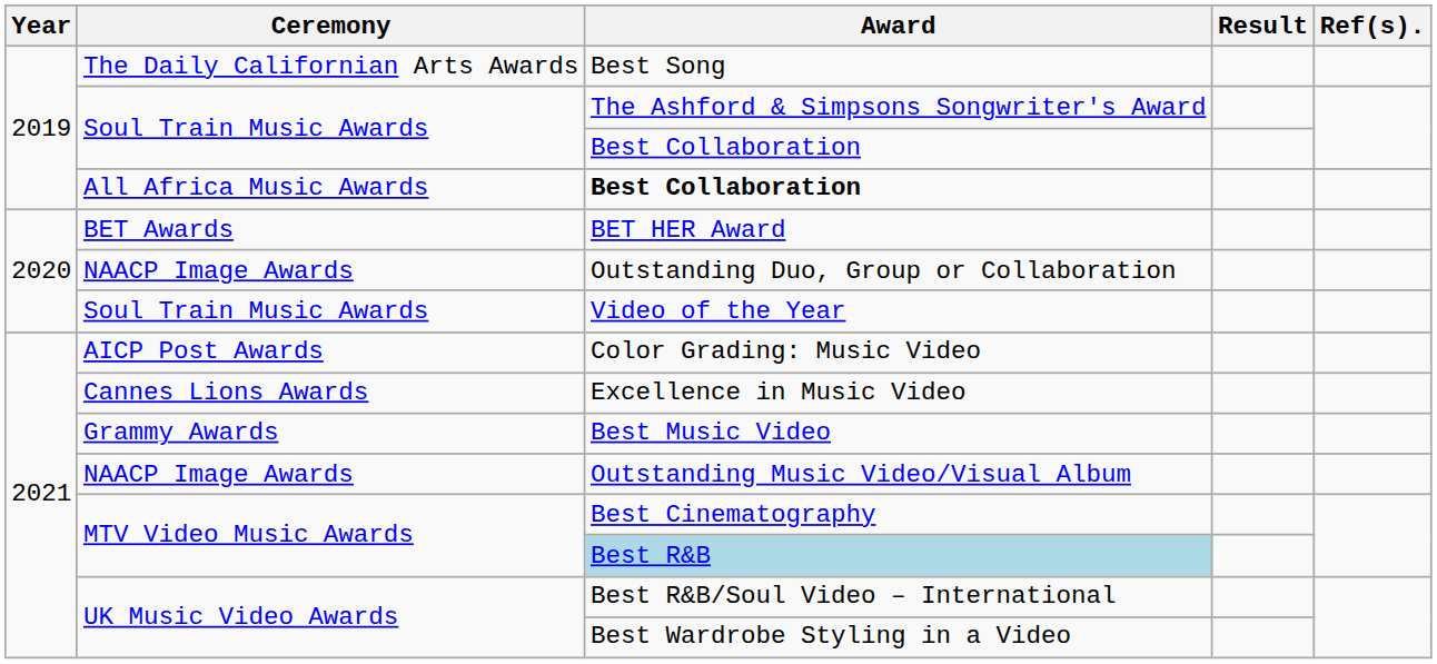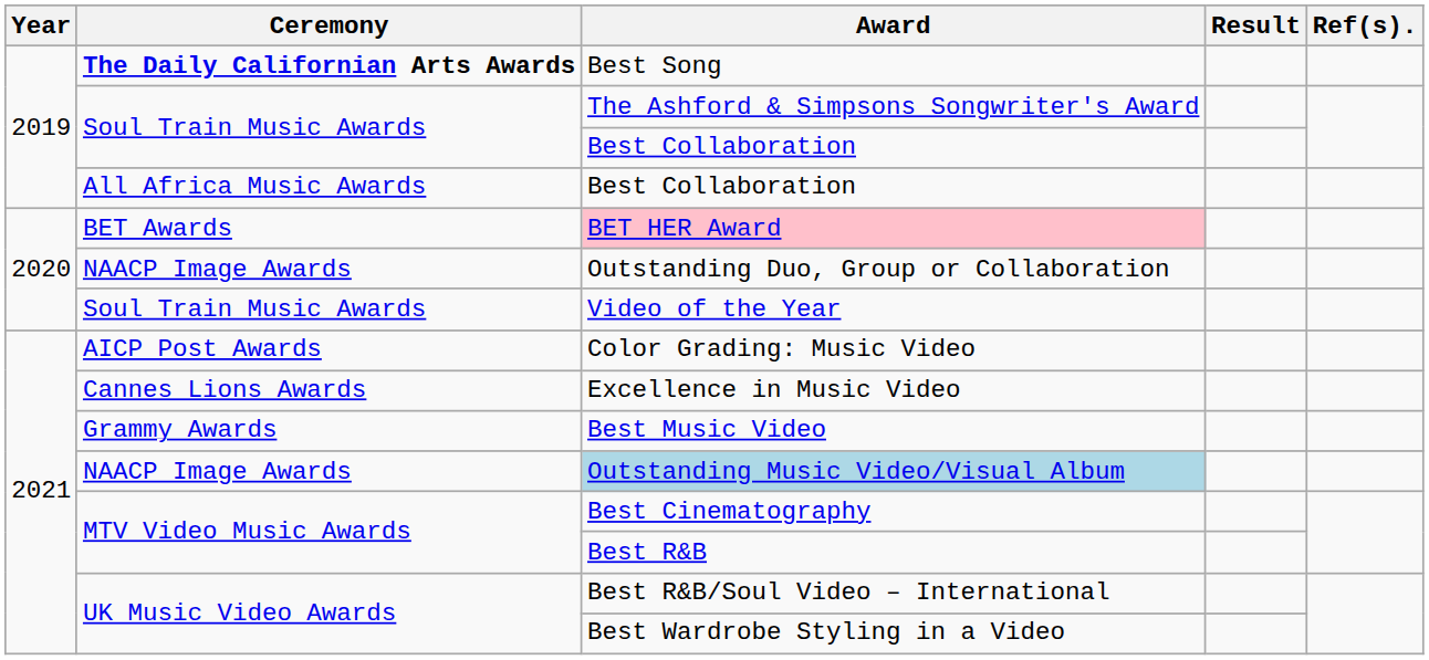 <table class="wikitable">
 <tr>
 <th>Year</th>
 <th>Ceremony</th>
 <th>Award</th>
 <th>Result</th>
 <th>Ref(s).</th>
 </tr>
 <tr>
 <td rowspan="4">2019</td>
-<td><a href='#'>The Daily Californian</a> Arts Awards</td>
+<td><strong><a href='#'>The Daily Californian</a> Arts Awards</strong></td>
 <td>Best Song</td>
 <td></td>
 <td style="text-align:center;"></td>
 </tr>
 <tr>
 <td rowspan="2"><a href='#'>Soul Train Music Awards</a></td>
 <td><a href='#'>The Ashford & Simpsons Songwriter's Award</a></td>
 <td></td>
 <td rowspan="2" style="text-align:center;"></td>
 </tr>
 <tr>
 <td><a href='#'>Best Collaboration</a></td>
 <td></td>
 </tr>
 <tr>
 <td><a href='#'>All Africa Music Awards</a></td>
-<td><strong>Best Collaboration</strong></td>
+<td>Best Collaboration</td>
 <td></td>
 <td style="text-align:center;"></td>
 </tr>
 <tr>
 <td rowspan="3">2020</td>
 <td><a href='#'>BET Awards</a></td>
-<td><a href='#'>BET HER Award</a></td>
+<td style="background: pink;"><a href='#'>BET HER Award</a></td>
 <td></td>
 <td style="text-align:center;"></td>
 </tr>
 <tr>
 <td><a href='#'>NAACP Image Awards</a></td>
 <td>Outstanding Duo, Group or Collaboration</td>
 <td></td>
 <td style="text-align:center;"></td>
 </tr>
 <tr>
 <td><a href='#'>Soul Train Music Awards</a></td>
 <td><a href='#'>Video of the Year</a></td>
 <td></td>
 <td style="text-align:center;"></td>
 </tr>
 <tr>
 <td rowspan="8">2021</td>
 <td><a href='#'>AICP Post Awards</a></td>
 <td>Color Grading: Music Video</td>
 <td></td>
 <td style="text-align:center;"></td>
 </tr>
 <tr>
 <td><a href='#'>Cannes Lions Awards</a></td>
 <td>Excellence in Music Video</td>
 <td></td>
 <td style="text-align:center;"></td>
 </tr>
 <tr>
 <td><a href='#'>Grammy Awards</a></td>
 <td><a href='#'>Best Music Video</a></td>
 <td></td>
 <td style="text-align:center;"></td>
 </tr>
 <tr>
 <td><a href='#'>NAACP Image Awards</a></td>
-<td><a href='#'>Outstanding Music Video/Visual Album</a></td>
+<td style="background: lightblue;"><a href='#'>Outstanding Music Video/Visual Album</a></td>
 <td></td>
 <td style="text-align:center;"></td>
 </tr>
 <tr>
 <td rowspan="2"><a href='#'>MTV Video Music Awards</a></td>
 <td><a href='#'>Best Cinematography</a></td>
 <td></td>
 <td rowspan="2" style="text-align:center;"></td>
 </tr>
 <tr>
-<td style="background: lightblue;"><a href='#'>Best R&B</a></td>
+<td><a href='#'>Best R&B</a></td>
 <td></td>
 </tr>
 <tr>
 <td rowspan="2"><a href='#'>UK Music Video Awards</a></td>
 <td>Best R&B/Soul Video – International</td>
 <td></td>
 <td rowspan="2" style="text-align:center;"></td>
 </tr>
 <tr>
 <td>Best Wardrobe Styling in a Video</td>
 <td></td>
 </tr>
 </table>
